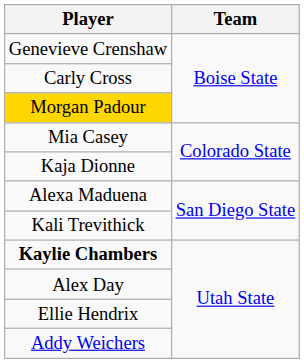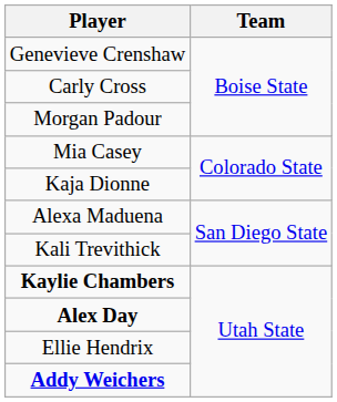 <table class="wikitable" style="text-align: center;">
 <tr>
 <th>Player</th>
 <th>Team</th>
 </tr>
 <tr>
 <td>Genevieve Crenshaw</td>
 <td rowspan=3><a href='#'>Boise State</a></td>
 </tr>
 <tr>
 <td>Carly Cross</td>
 </tr>
 <tr>
-<td style="background: gold;">Morgan Padour</td>
+<td>Morgan Padour</td>
 </tr>
 <tr>
 <td>Mia Casey</td>
 <td rowspan=2><a href='#'>Colorado State</a></td>
 </tr>
 <tr>
 <td>Kaja Dionne</td>
 </tr>
 <tr>
 <td>Alexa Maduena</td>
 <td rowspan=2><a href='#'>San Diego State</a></td>
 </tr>
 <tr>
 <td>Kali Trevithick</td>
 </tr>
 <tr>
 <td><strong>Kaylie Chambers</strong></td>
 <td rowspan=4><a href='#'>Utah State</a></td>
 </tr>
 <tr>
-<td>Alex Day</td>
+<td><strong>Alex Day</strong></td>
 </tr>
 <tr>
 <td>Ellie Hendrix</td>
 </tr>
 <tr>
-<td><a href='#'>Addy Weichers</a></td>
+<td><strong><a href='#'>Addy Weichers</a></strong></td>
 </tr>
 </table>
